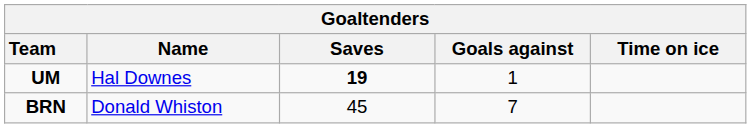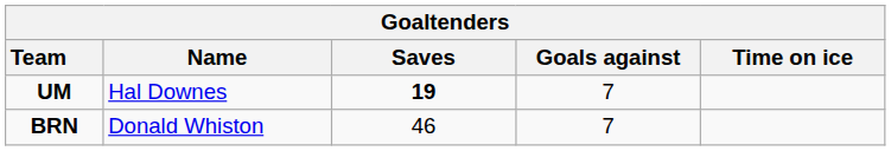 <table class="wikitable" style="width:40em; text-align:right;">
 <tr>
 <th colspan=5>Goaltenders</th>
 </tr>
 <tr>
 <th style="width:4em; text-align:left;">Team</th>
 <th style="width:10em;">Name</th>
 <th style="width:8em;">Saves</th>
 <th style="width:8em;">Goals against</th>
 <th style="width:8em;">Time on ice</th>
 </tr>
 <tr>
 <td align=center><strong>UM</strong></td>
 <td style="text-align:left;"><a href='#'>Hal Downes</a></td>
 <td align=center><strong>19</strong></td>
-<td align=center>1</td>
+<td align=center>7</td>
 <td align=center></td>
 </tr>
 <tr>
 <td align=center><strong>BRN</strong></td>
 <td style="text-align:left;"><a href='#'>Donald Whiston</a></td>
-<td align=center>45</td>
+<td align=center>46</td>
 <td align=center>7</td>
 <td align=center></td>
 </tr>
 </table>
